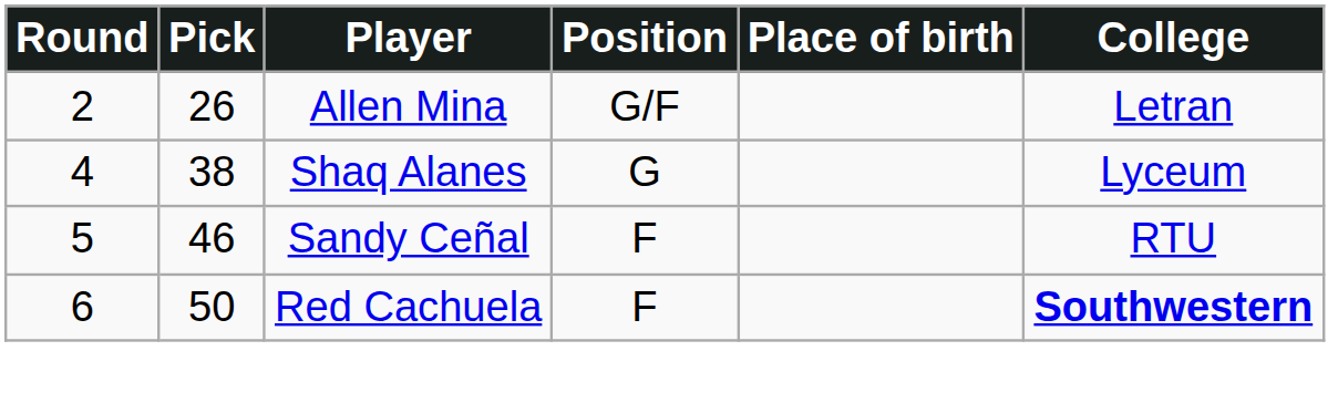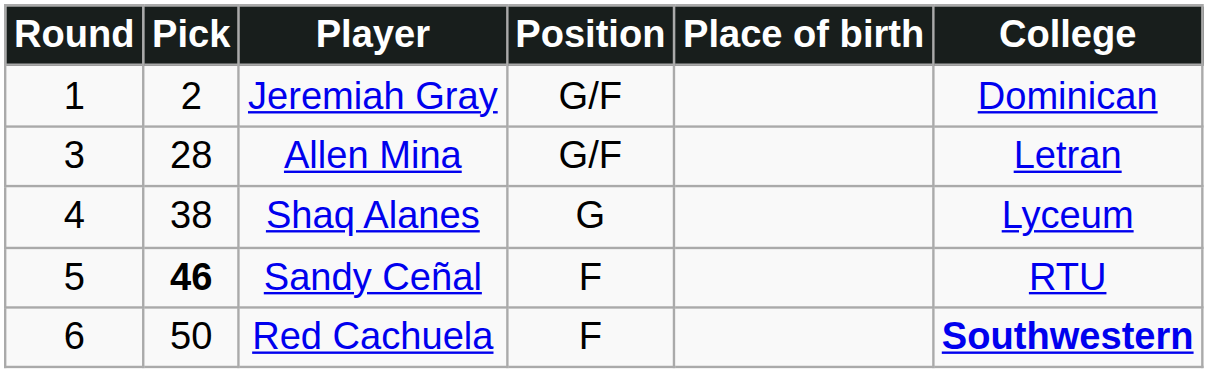 <table class="wikitable sortable sortable" style="text-align:center">
 <tr>
 <th style="background:#181E1C; color:#FFFFFF; ">Round</th>
 <th style="background:#181E1C; color:#FFFFFF; ">Pick</th>
 <th style="background:#181E1C; color:#FFFFFF; ">Player</th>
 <th style="background:#181E1C; color:#FFFFFF; ">Position</th>
 <th style="background:#181E1C; color:#FFFFFF; ">Place of birth</th>
 <th style="background:#181E1C; color:#FFFFFF; ">College</th>
 </tr>
 <tr>
+<td>1</td>
 <td>2</td>
-<td>26</td>
+<td><a href='#'>Jeremiah Gray</a></td>
+<td>G/F</td>
+<td></td>
+<td><a href='#'>Dominican</a></td>
+</tr>
+<tr>
+<td>3</td>
+<td>28</td>
 <td><a href='#'>Allen Mina</a></td>
 <td>G/F</td>
 <td></td>
 <td><a href='#'>Letran</a></td>
 </tr>
 <tr>
 <td>4</td>
 <td>38</td>
 <td><a href='#'>Shaq Alanes</a></td>
 <td>G</td>
 <td></td>
 <td><a href='#'>Lyceum</a></td>
 </tr>
 <tr>
 <td>5</td>
-<td>46</td>
+<td><strong>46</strong></td>
 <td><a href='#'>Sandy Ceñal</a></td>
 <td>F</td>
 <td></td>
 <td><a href='#'>RTU</a></td>
 </tr>
 <tr>
 <td>6</td>
 <td>50</td>
 <td><a href='#'>Red Cachuela</a></td>
 <td>F</td>
 <td></td>
 <td><strong><a href='#'>Southwestern</a></strong></td>
 </tr>
 </table>
